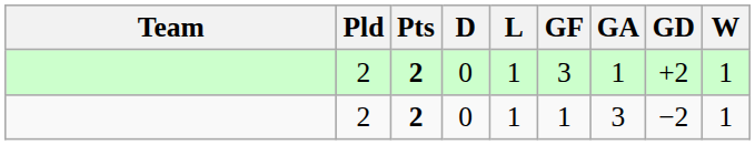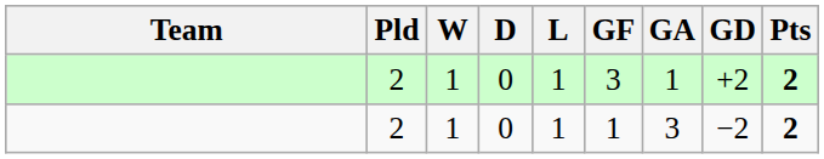 <table class="wikitable" style="text-align:center;">
 <tr>
 <th width=180>Team</th>
 <th width=20>Pld</th>
-<th width=20>Pts</th>
+<th width=20>W</th>
 <th width=20>D</th>
 <th width=20>L</th>
 <th width=20>GF</th>
 <th width=20>GA</th>
 <th width=20>GD</th>
-<th width=20>W</th>
+<th width=20>Pts</th>
 </tr>
 <tr style="background:#cfc;">
 <td align="left"></td>
 <td>2</td>
-<td><strong>2</strong></td>
+<td>1</td>
 <td>0</td>
 <td>1</td>
 <td>3</td>
 <td>1</td>
 <td>+2</td>
-<td>1</td>
+<td><strong>2</strong></td>
 </tr>
 <tr>
 <td align="left"></td>
 <td>2</td>
-<td><strong>2</strong></td>
+<td>1</td>
 <td>0</td>
 <td>1</td>
 <td>1</td>
 <td>3</td>
 <td>−2</td>
-<td>1</td>
+<td><strong>2</strong></td>
 </tr>
 </table>
